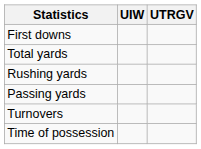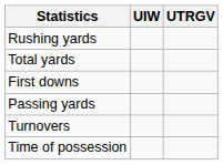 <table class="wikitable" style="float:left">
 <tr>
 <th>Statistics</th>
 <th>UIW</th>
 <th>UTRGV</th>
 </tr>
 <tr>
-<td>First downs</td>
+<td>Rushing yards</td>
 <td></td>
 <td></td>
 </tr>
 <tr>
 <td>Total yards</td>
 <td></td>
 <td></td>
 </tr>
 <tr>
-<td>Rushing yards</td>
+<td>First downs</td>
 <td></td>
 <td></td>
 </tr>
 <tr>
 <td>Passing yards</td>
 <td></td>
 <td></td>
 </tr>
 <tr>
 <td>Turnovers</td>
 <td></td>
 <td></td>
 </tr>
 <tr>
 <td>Time of possession</td>
 <td></td>
 <td></td>
 </tr>
 </table>
